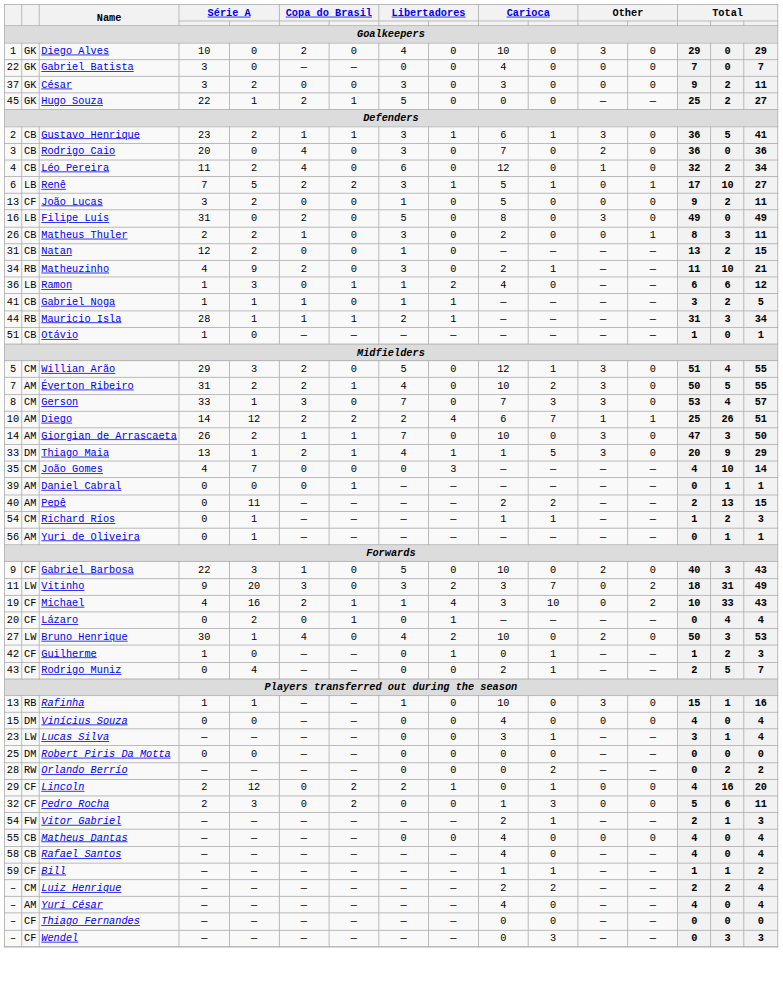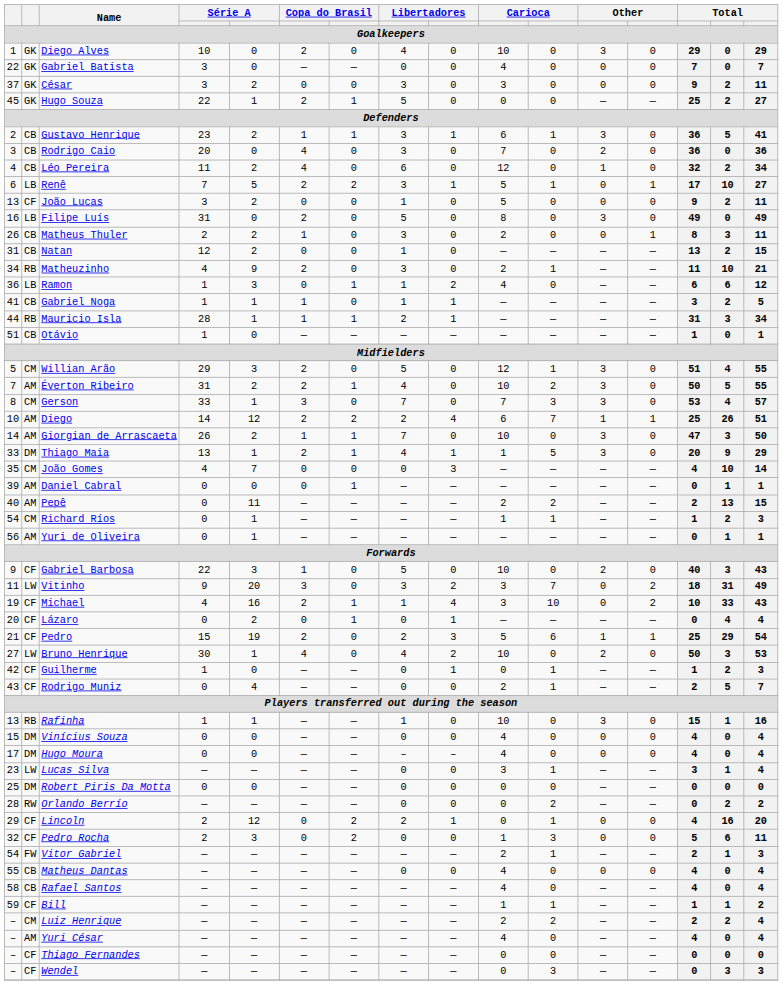 <table class="wikitable" style="text-align:center">
 <tr>
 <th rowspan="2" style="vertical-align:bottom;"></th>
 <th rowspan="2" style="vertical-align:bottom;"></th>
 <th rowspan="2" style="vertical-align:bottom;">Name</th>
 <th colspan="2" style="width:120px;"><a href='#'>Série A</a></th>
 <th colspan="2" style="width:120px;"><a href='#'>Copa do Brasil</a></th>
 <th colspan="2" style="width:120px;"><a href='#'>Libertadores</a></th>
 <th colspan="2" style="width:120px;"><a href='#'>Carioca</a></th>
 <th colspan="2" style="width:120px;">Other</th>
 <th colspan="3" style="width:120px;">Total</th>
 </tr>
 <tr>
 <th></th>
 <th></th>
 <th></th>
 <th></th>
 <th></th>
 <th></th>
 <th></th>
 <th></th>
 <th></th>
 <th></th>
 <th></th>
 <th></th>
 <th></th>
 </tr>
 <tr>
 <th colspan=16 style=background:#dcdcdc; text-align:center><em>Goalkeepers</em></th>
 </tr>
 <tr>
 <td>1</td>
 <td>GK</td>
 <td align="left"> <a href='#'>Diego Alves</a></td>
 <td>10</td>
 <td>0</td>
 <td>2</td>
 <td>0</td>
 <td>4</td>
 <td>0</td>
 <td>10</td>
 <td>0</td>
 <td>3</td>
 <td>0</td>
 <th>29</th>
 <th>0</th>
 <th>29</th>
 </tr>
 <tr>
 <td>22</td>
 <td>GK</td>
 <td align="left"> <a href='#'>Gabriel Batista</a></td>
 <td>3</td>
 <td>0</td>
 <td>—</td>
 <td>—</td>
 <td>0</td>
 <td>0</td>
 <td>4</td>
 <td>0</td>
 <td>0</td>
 <td>0</td>
 <th>7</th>
 <th>0</th>
 <th>7</th>
 </tr>
 <tr>
 <td>37</td>
 <td>GK</td>
 <td align="left"> <a href='#'>César</a></td>
 <td>3</td>
 <td>2</td>
 <td>0</td>
 <td>0</td>
 <td>3</td>
 <td>0</td>
 <td>3</td>
 <td>0</td>
 <td>0</td>
 <td>0</td>
 <th>9</th>
 <th>2</th>
 <th>11</th>
 </tr>
 <tr>
 <td>45</td>
 <td>GK</td>
 <td align="left"> <a href='#'>Hugo Souza</a></td>
 <td>22</td>
 <td>1</td>
 <td>2</td>
 <td>1</td>
 <td>5</td>
 <td>0</td>
 <td>0</td>
 <td>0</td>
 <td>—</td>
 <td>—</td>
 <th>25</th>
 <th>2</th>
 <th>27</th>
 </tr>
 <tr>
 <th colspan="16" style="background:#dcdcdc;" text-align:center><em>Defenders</em></th>
 </tr>
 <tr>
 <td>2</td>
 <td>CB</td>
 <td align="left"> <a href='#'>Gustavo Henrique</a></td>
 <td>23</td>
 <td>2</td>
 <td>1</td>
 <td>1</td>
 <td>3</td>
 <td>1</td>
 <td>6</td>
 <td>1</td>
 <td>3</td>
 <td>0</td>
 <th>36</th>
 <th>5</th>
 <th>41</th>
 </tr>
 <tr>
 <td>3</td>
 <td>CB</td>
 <td align="left"> <a href='#'>Rodrigo Caio</a></td>
 <td>20</td>
 <td>0</td>
 <td>4</td>
 <td>0</td>
 <td>3</td>
 <td>0</td>
 <td>7</td>
 <td>0</td>
 <td>2</td>
 <td>0</td>
 <th>36</th>
 <th>0</th>
 <th>36</th>
 </tr>
 <tr>
 <td>4</td>
 <td>CB</td>
 <td align="left"> <a href='#'>Léo Pereira</a></td>
 <td>11</td>
 <td>2</td>
 <td>4</td>
 <td>0</td>
 <td>6</td>
 <td>0</td>
 <td>12</td>
 <td>0</td>
 <td>1</td>
 <td>0</td>
 <th>32</th>
 <th>2</th>
 <th>34</th>
 </tr>
 <tr>
 <td>6</td>
 <td>LB</td>
 <td align="left"> <a href='#'>Renê</a></td>
 <td>7</td>
 <td>5</td>
 <td>2</td>
 <td>2</td>
 <td>3</td>
 <td>1</td>
 <td>5</td>
 <td>1</td>
 <td>0</td>
 <td>1</td>
 <th>17</th>
 <th>10</th>
 <th>27</th>
 </tr>
 <tr>
 <td>13</td>
 <td>CF</td>
 <td align="left"> <a href='#'>João Lucas</a></td>
 <td>3</td>
 <td>2</td>
 <td>0</td>
 <td>0</td>
 <td>1</td>
 <td>0</td>
 <td>5</td>
 <td>0</td>
 <td>0</td>
 <td>0</td>
 <th>9</th>
 <th>2</th>
 <th>11</th>
 </tr>
 <tr>
 <td>16</td>
 <td>LB</td>
 <td align="left"> <a href='#'>Filipe Luís</a></td>
 <td>31</td>
 <td>0</td>
 <td>2</td>
 <td>0</td>
 <td>5</td>
 <td>0</td>
 <td>8</td>
 <td>0</td>
 <td>3</td>
 <td>0</td>
 <th>49</th>
 <th>0</th>
 <th>49</th>
 </tr>
 <tr>
 <td>26</td>
 <td>CB</td>
 <td align="left"> <a href='#'>Matheus Thuler</a></td>
 <td>2</td>
 <td>2</td>
 <td>1</td>
 <td>0</td>
 <td>3</td>
 <td>0</td>
 <td>2</td>
 <td>0</td>
 <td>0</td>
 <td>1</td>
 <th>8</th>
 <th>3</th>
 <th>11</th>
 </tr>
 <tr>
 <td>31</td>
 <td>CB</td>
 <td align="left"> <a href='#'>Natan</a></td>
 <td>12</td>
 <td>2</td>
 <td>0</td>
 <td>0</td>
 <td>1</td>
 <td>0</td>
 <td>—</td>
 <td>—</td>
 <td>—</td>
 <td>—</td>
 <th>13</th>
 <th>2</th>
 <th>15</th>
 </tr>
 <tr>
 <td>34</td>
 <td>RB</td>
 <td align="left"> <a href='#'>Matheuzinho</a></td>
 <td>4</td>
 <td>9</td>
 <td>2</td>
 <td>0</td>
 <td>3</td>
 <td>0</td>
 <td>2</td>
 <td>1</td>
 <td>—</td>
 <td>—</td>
 <th>11</th>
 <th>10</th>
 <th>21</th>
 </tr>
 <tr>
 <td>36</td>
 <td>LB</td>
 <td align="left"> <a href='#'>Ramon</a></td>
 <td>1</td>
 <td>3</td>
 <td>0</td>
 <td>1</td>
 <td>1</td>
 <td>2</td>
 <td>4</td>
 <td>0</td>
 <td>—</td>
 <td>—</td>
 <th>6</th>
 <th>6</th>
 <th>12</th>
 </tr>
 <tr>
 <td>41</td>
 <td>CB</td>
 <td align="left"> <a href='#'>Gabriel Noga</a></td>
 <td>1</td>
 <td>1</td>
 <td>1</td>
 <td>0</td>
 <td>1</td>
 <td>1</td>
 <td>—</td>
 <td>—</td>
 <td>—</td>
 <td>—</td>
 <th>3</th>
 <th>2</th>
 <th>5</th>
 </tr>
 <tr>
 <td>44</td>
 <td>RB</td>
 <td align="left"> <a href='#'>Mauricio Isla</a></td>
 <td>28</td>
 <td>1</td>
 <td>1</td>
 <td>1</td>
 <td>2</td>
 <td>1</td>
 <td>—</td>
 <td>—</td>
 <td>—</td>
 <td>—</td>
 <th>31</th>
 <th>3</th>
 <th>34</th>
 </tr>
 <tr>
 <td>51</td>
 <td>CB</td>
 <td align="left"> <a href='#'>Otávio</a></td>
 <td>1</td>
 <td>0</td>
 <td>—</td>
 <td>—</td>
 <td>—</td>
 <td>—</td>
 <td>—</td>
 <td>—</td>
 <td>—</td>
 <td>—</td>
 <th>1</th>
 <th>0</th>
 <th>1</th>
 </tr>
 <tr>
 <th colspan="16" style="background:#dcdcdc;" text-align:center><em>Midfielders</em></th>
 </tr>
 <tr>
 <td>5</td>
 <td>CM</td>
 <td align="left"> <a href='#'>Willian Arão</a></td>
 <td>29</td>
 <td>3</td>
 <td>2</td>
 <td>0</td>
 <td>5</td>
 <td>0</td>
 <td>12</td>
 <td>1</td>
 <td>3</td>
 <td>0</td>
 <th>51</th>
 <th>4</th>
 <th>55</th>
 </tr>
 <tr>
 <td>7</td>
 <td>AM</td>
 <td align="left"> <a href='#'>Éverton Ribeiro</a></td>
 <td>31</td>
 <td>2</td>
 <td>2</td>
 <td>1</td>
 <td>4</td>
 <td>0</td>
 <td>10</td>
 <td>2</td>
 <td>3</td>
 <td>0</td>
 <th>50</th>
 <th>5</th>
 <th>55</th>
 </tr>
 <tr>
 <td>8</td>
 <td>CM</td>
 <td align="left"> <a href='#'>Gerson</a></td>
 <td>33</td>
 <td>1</td>
 <td>3</td>
 <td>0</td>
 <td>7</td>
 <td>0</td>
 <td>7</td>
 <td>3</td>
 <td>3</td>
 <td>0</td>
 <th>53</th>
 <th>4</th>
 <th>57</th>
 </tr>
 <tr>
 <td>10</td>
 <td>AM</td>
 <td align="left"> <a href='#'>Diego</a></td>
 <td>14</td>
 <td>12</td>
 <td>2</td>
 <td>2</td>
 <td>2</td>
 <td>4</td>
 <td>6</td>
 <td>7</td>
 <td>1</td>
 <td>1</td>
 <th>25</th>
 <th>26</th>
 <th>51</th>
 </tr>
 <tr>
 <td>14</td>
 <td>AM</td>
 <td align="left"> <a href='#'>Giorgian de Arrascaeta</a></td>
 <td>26</td>
 <td>2</td>
 <td>1</td>
 <td>1</td>
 <td>7</td>
 <td>0</td>
 <td>10</td>
 <td>0</td>
 <td>3</td>
 <td>0</td>
 <th>47</th>
 <th>3</th>
 <th>50</th>
 </tr>
 <tr>
 <td>33</td>
 <td>DM</td>
 <td align="left"> <a href='#'>Thiago Maia</a></td>
 <td>13</td>
 <td>1</td>
 <td>2</td>
 <td>1</td>
 <td>4</td>
 <td>1</td>
 <td>1</td>
 <td>5</td>
 <td>3</td>
 <td>0</td>
 <th>20</th>
 <th>9</th>
 <th>29</th>
 </tr>
 <tr>
 <td>35</td>
 <td>CM</td>
 <td align="left"> <a href='#'>João Gomes</a></td>
 <td>4</td>
 <td>7</td>
 <td>0</td>
 <td>0</td>
 <td>0</td>
 <td>3</td>
 <td>—</td>
 <td>—</td>
 <td>—</td>
 <td>—</td>
 <th>4</th>
 <th>10</th>
 <th>14</th>
 </tr>
 <tr>
 <td>39</td>
 <td>AM</td>
 <td align="left"> <a href='#'>Daniel Cabral</a></td>
 <td>0</td>
 <td>0</td>
 <td>0</td>
 <td>1</td>
 <td>—</td>
 <td>—</td>
 <td>—</td>
 <td>—</td>
 <td>—</td>
 <td>—</td>
 <th>0</th>
 <th>1</th>
 <th>1</th>
 </tr>
 <tr>
 <td>40</td>
 <td>AM</td>
 <td align="left"> <a href='#'>Pepê</a></td>
 <td>0</td>
 <td>11</td>
 <td>—</td>
 <td>—</td>
 <td>—</td>
 <td>—</td>
 <td>2</td>
 <td>2</td>
 <td>—</td>
 <td>—</td>
 <th>2</th>
 <th>13</th>
 <th>15</th>
 </tr>
 <tr>
 <td>54</td>
 <td>CM</td>
 <td align="left"> <a href='#'>Richard Ríos</a></td>
 <td>0</td>
 <td>1</td>
 <td>—</td>
 <td>—</td>
 <td>—</td>
 <td>—</td>
 <td>1</td>
 <td>1</td>
 <td>—</td>
 <td>—</td>
 <th>1</th>
 <th>2</th>
 <th>3</th>
 </tr>
 <tr>
 <td>56</td>
 <td>AM</td>
 <td align="left"> <a href='#'>Yuri de Oliveira</a></td>
 <td>0</td>
 <td>1</td>
 <td>—</td>
 <td>—</td>
 <td>—</td>
 <td>—</td>
 <td>—</td>
 <td>—</td>
 <td>—</td>
 <td>—</td>
 <th>0</th>
 <th>1</th>
 <th>1</th>
 </tr>
 <tr>
 <th colspan="16" style="background:#dcdcdc;" text-align:center><em>Forwards</em></th>
 </tr>
 <tr>
 <td>9</td>
 <td>CF</td>
 <td align="left"> <a href='#'>Gabriel Barbosa</a></td>
 <td>22</td>
 <td>3</td>
 <td>1</td>
 <td>0</td>
 <td>5</td>
 <td>0</td>
 <td>10</td>
 <td>0</td>
 <td>2</td>
 <td>0</td>
 <th>40</th>
 <th>3</th>
 <th>43</th>
 </tr>
 <tr>
 <td>11</td>
 <td>LW</td>
 <td align="left"> <a href='#'>Vitinho</a></td>
 <td>9</td>
 <td>20</td>
 <td>3</td>
 <td>0</td>
 <td>3</td>
 <td>2</td>
 <td>3</td>
 <td>7</td>
 <td>0</td>
 <td>2</td>
 <th>18</th>
 <th>31</th>
 <th>49</th>
 </tr>
 <tr>
 <td>19</td>
 <td>CF</td>
 <td align="left"> <a href='#'>Michael</a></td>
 <td>4</td>
 <td>16</td>
 <td>2</td>
 <td>1</td>
 <td>1</td>
 <td>4</td>
 <td>3</td>
 <td>10</td>
 <td>0</td>
 <td>2</td>
 <th>10</th>
 <th>33</th>
 <th>43</th>
 </tr>
 <tr>
 <td>20</td>
 <td>CF</td>
 <td align="left"> <a href='#'>Lázaro</a></td>
 <td>0</td>
 <td>2</td>
 <td>0</td>
 <td>1</td>
 <td>0</td>
 <td>1</td>
 <td>—</td>
 <td>—</td>
 <td>—</td>
 <td>—</td>
 <th>0</th>
 <th>4</th>
 <th>4</th>
 </tr>
 <tr>
+<td>21</td>
+<td>CF</td>
+<td align="left"> <a href='#'>Pedro</a></td>
+<td>15</td>
+<td>19</td>
+<td>2</td>
+<td>0</td>
+<td>2</td>
+<td>3</td>
+<td>5</td>
+<td>6</td>
+<td>1</td>
+<td>1</td>
+<th>25</th>
+<th>29</th>
+<th>54</th>
+</tr>
+<tr>
 <td>27</td>
 <td>LW</td>
 <td align="left"> <a href='#'>Bruno Henrique</a></td>
 <td>30</td>
 <td>1</td>
 <td>4</td>
 <td>0</td>
 <td>4</td>
 <td>2</td>
 <td>10</td>
 <td>0</td>
 <td>2</td>
 <td>0</td>
 <th>50</th>
 <th>3</th>
 <th>53</th>
 </tr>
 <tr>
 <td>42</td>
 <td>CF</td>
 <td align="left"> <a href='#'>Guilherme</a></td>
 <td>1</td>
 <td>0</td>
 <td>—</td>
 <td>—</td>
 <td>0</td>
 <td>1</td>
 <td>0</td>
 <td>1</td>
 <td>—</td>
 <td>—</td>
 <th>1</th>
 <th>2</th>
 <th>3</th>
 </tr>
 <tr>
 <td>43</td>
 <td>CF</td>
 <td align="left"> <a href='#'>Rodrigo Muniz</a></td>
 <td>0</td>
 <td>4</td>
 <td>—</td>
 <td>—</td>
 <td>0</td>
 <td>0</td>
 <td>2</td>
 <td>1</td>
 <td>—</td>
 <td>—</td>
 <th>2</th>
 <th>5</th>
 <th>7</th>
 </tr>
 <tr>
 <th colspan="16" style="background:#dcdcdc;" text-align:center><em>Players transferred out during the season</em></th>
 </tr>
 <tr>
 <td>13</td>
 <td>RB</td>
 <td align="left"> <em><a href='#'>Rafinha</a></em></td>
 <td>1</td>
 <td>1</td>
 <td>—</td>
 <td>—</td>
 <td>1</td>
 <td>0</td>
 <td>10</td>
 <td>0</td>
 <td>3</td>
 <td>0</td>
 <th>15</th>
 <th>1</th>
 <th>16</th>
 </tr>
 <tr>
 <td>15</td>
 <td>DM</td>
 <td align="left"> <em><a href='#'>Vinícius Souza</a></em></td>
 <td>0</td>
 <td>0</td>
 <td>—</td>
 <td>—</td>
 <td>0</td>
 <td>0</td>
+<td>4</td>
+<td>0</td>
+<td>0</td>
+<td>0</td>
+<th>4</th>
+<th>0</th>
+<th>4</th>
+</tr>
+<tr>
+<td>17</td>
+<td>DM</td>
+<td align="left"> <em><a href='#'>Hugo Moura</a></em></td>
+<td>0</td>
+<td>0</td>
+<td>—</td>
+<td>—</td>
+<td>–</td>
+<td>–</td>
 <td>4</td>
 <td>0</td>
 <td>0</td>
 <td>0</td>
 <th>4</th>
 <th>0</th>
 <th>4</th>
 </tr>
 <tr>
 <td>23</td>
 <td>LW</td>
 <td align="left"> <em><a href='#'>Lucas Silva</a></em></td>
 <td>—</td>
 <td>—</td>
 <td>—</td>
 <td>—</td>
 <td>0</td>
 <td>0</td>
 <td>3</td>
 <td>1</td>
 <td>—</td>
 <td>—</td>
 <th>3</th>
 <th>1</th>
 <th>4</th>
 </tr>
 <tr>
 <td>25</td>
 <td>DM</td>
 <td align="left"> <em><a href='#'>Robert Piris Da Motta</a></em></td>
 <td>0</td>
 <td>0</td>
 <td>—</td>
 <td>—</td>
 <td>0</td>
 <td>0</td>
 <td>0</td>
 <td>0</td>
 <td>—</td>
 <td>—</td>
 <th>0</th>
 <th>0</th>
 <th>0</th>
 </tr>
 <tr>
 <td>28</td>
 <td>RW</td>
 <td align="left"> <em><a href='#'>Orlando Berrío</a></em></td>
 <td>—</td>
 <td>—</td>
 <td>—</td>
 <td>—</td>
 <td>0</td>
 <td>0</td>
 <td>0</td>
 <td>2</td>
 <td>—</td>
 <td>—</td>
 <th>0</th>
 <th>2</th>
 <th>2</th>
 </tr>
 <tr>
 <td>29</td>
 <td>CF</td>
 <td align="left"> <em><a href='#'>Lincoln</a></em></td>
 <td>2</td>
 <td>12</td>
 <td>0</td>
 <td>2</td>
 <td>2</td>
 <td>1</td>
 <td>0</td>
 <td>1</td>
 <td>0</td>
 <td>0</td>
 <th>4</th>
 <th>16</th>
 <th>20</th>
 </tr>
 <tr>
 <td>32</td>
 <td>CF</td>
 <td align="left"> <em><a href='#'>Pedro Rocha</a></em></td>
 <td>2</td>
 <td>3</td>
 <td>0</td>
 <td>2</td>
 <td>0</td>
 <td>0</td>
 <td>1</td>
 <td>3</td>
 <td>0</td>
 <td>0</td>
 <th>5</th>
 <th>6</th>
 <th>11</th>
 </tr>
 <tr>
 <td>54</td>
 <td>FW</td>
 <td align="left"> <em><a href='#'>Vitor Gabriel</a></em></td>
 <td>—</td>
 <td>—</td>
 <td>—</td>
 <td>—</td>
 <td>—</td>
 <td>—</td>
 <td>2</td>
 <td>1</td>
 <td>—</td>
 <td>—</td>
 <th>2</th>
 <th>1</th>
 <th>3</th>
 </tr>
 <tr>
 <td>55</td>
 <td>CB</td>
 <td align="left"> <em><a href='#'>Matheus Dantas</a></em></td>
 <td>—</td>
 <td>—</td>
 <td>—</td>
 <td>—</td>
 <td>0</td>
 <td>0</td>
 <td>4</td>
 <td>0</td>
 <td>0</td>
 <td>0</td>
 <th>4</th>
 <th>0</th>
 <th>4</th>
 </tr>
 <tr>
 <td>58</td>
 <td>CB</td>
 <td align="left"> <em><a href='#'>Rafael Santos</a></em></td>
 <td>—</td>
 <td>—</td>
 <td>—</td>
 <td>—</td>
 <td>—</td>
 <td>—</td>
 <td>4</td>
 <td>0</td>
 <td>—</td>
 <td>—</td>
 <th>4</th>
 <th>0</th>
 <th>4</th>
 </tr>
 <tr>
 <td>59</td>
 <td>CF</td>
 <td align="left"> <em><a href='#'>Bill</a></em></td>
 <td>—</td>
 <td>—</td>
 <td>—</td>
 <td>—</td>
 <td>—</td>
 <td>—</td>
 <td>1</td>
 <td>1</td>
 <td>—</td>
 <td>—</td>
 <th>1</th>
 <th>1</th>
 <th>2</th>
 </tr>
 <tr>
 <td>–</td>
 <td>CM</td>
 <td align="left"> <em><a href='#'>Luiz Henrique</a></em></td>
 <td>—</td>
 <td>—</td>
 <td>—</td>
 <td>—</td>
 <td>—</td>
 <td>—</td>
 <td>2</td>
 <td>2</td>
 <td>—</td>
 <td>—</td>
 <th>2</th>
 <th>2</th>
 <th>4</th>
 </tr>
 <tr>
 <td>–</td>
 <td>AM</td>
 <td align="left"> <em><a href='#'>Yuri César</a></em></td>
 <td>—</td>
 <td>—</td>
 <td>—</td>
 <td>—</td>
 <td>—</td>
 <td>—</td>
 <td>4</td>
 <td>0</td>
 <td>—</td>
 <td>—</td>
 <th>4</th>
 <th>0</th>
 <th>4</th>
 </tr>
 <tr>
 <td>–</td>
 <td>CF</td>
 <td align="left"> <em><a href='#'>Thiago Fernandes</a></em></td>
 <td>—</td>
 <td>—</td>
 <td>—</td>
 <td>—</td>
 <td>—</td>
 <td>—</td>
 <td>0</td>
 <td>0</td>
 <td>—</td>
 <td>—</td>
 <th>0</th>
 <th>0</th>
 <th>0</th>
 </tr>
 <tr>
 <td>–</td>
 <td>CF</td>
 <td align="left"> <em><a href='#'>Wendel</a></em></td>
 <td>—</td>
 <td>—</td>
 <td>—</td>
 <td>—</td>
 <td>—</td>
 <td>—</td>
 <td>0</td>
 <td>3</td>
 <td>—</td>
 <td>—</td>
 <th>0</th>
 <th>3</th>
 <th>3</th>
 </tr>
 <tr>
 </tr>
 </table>
